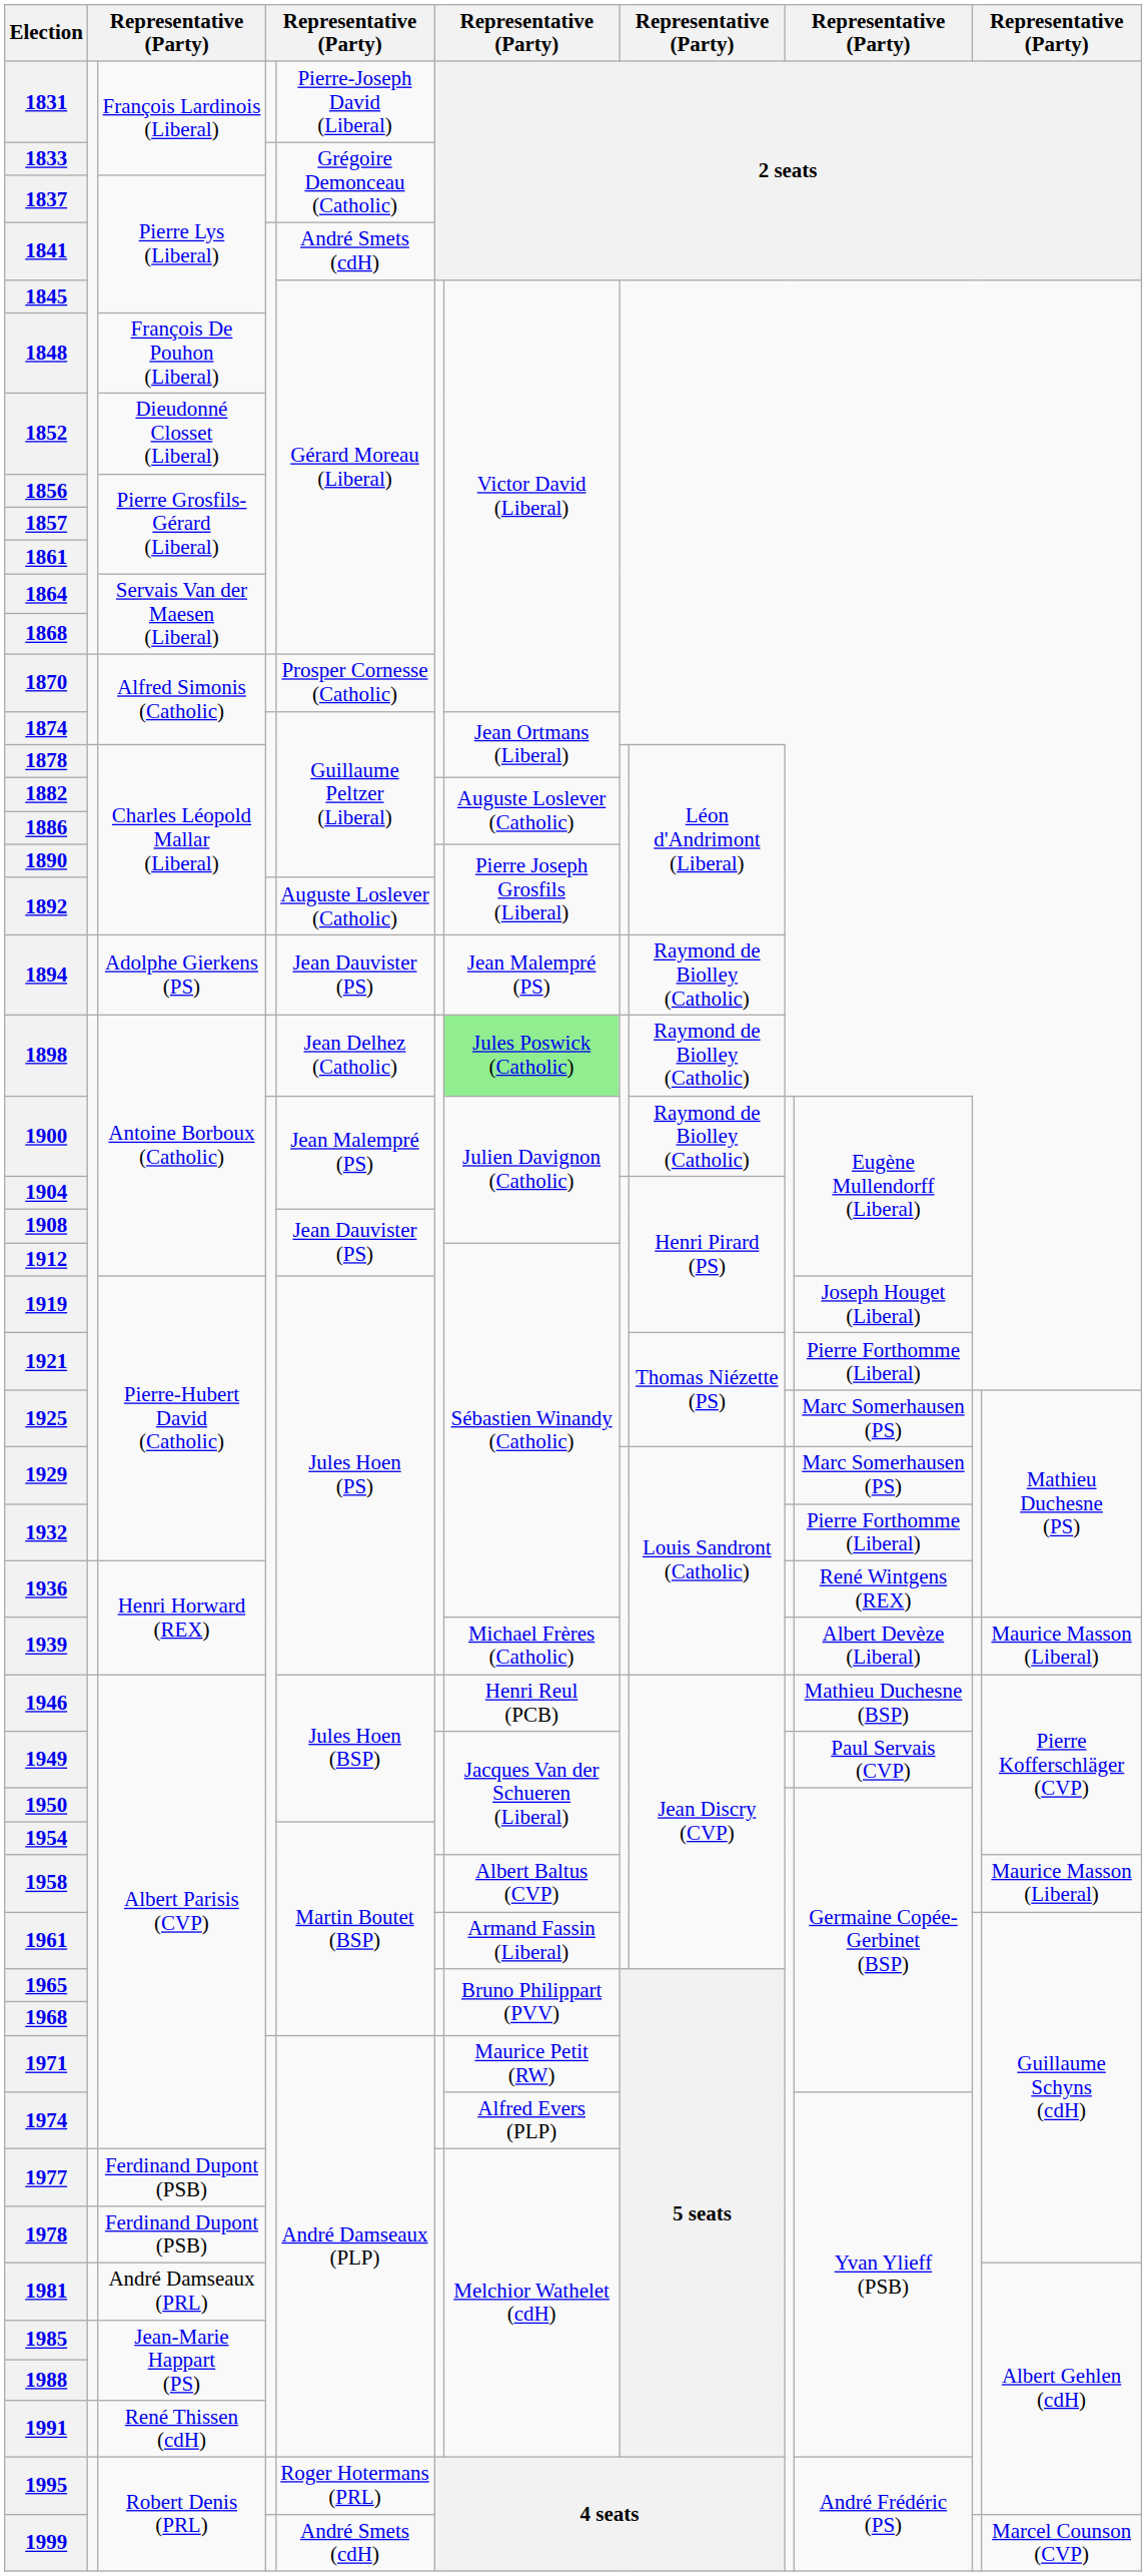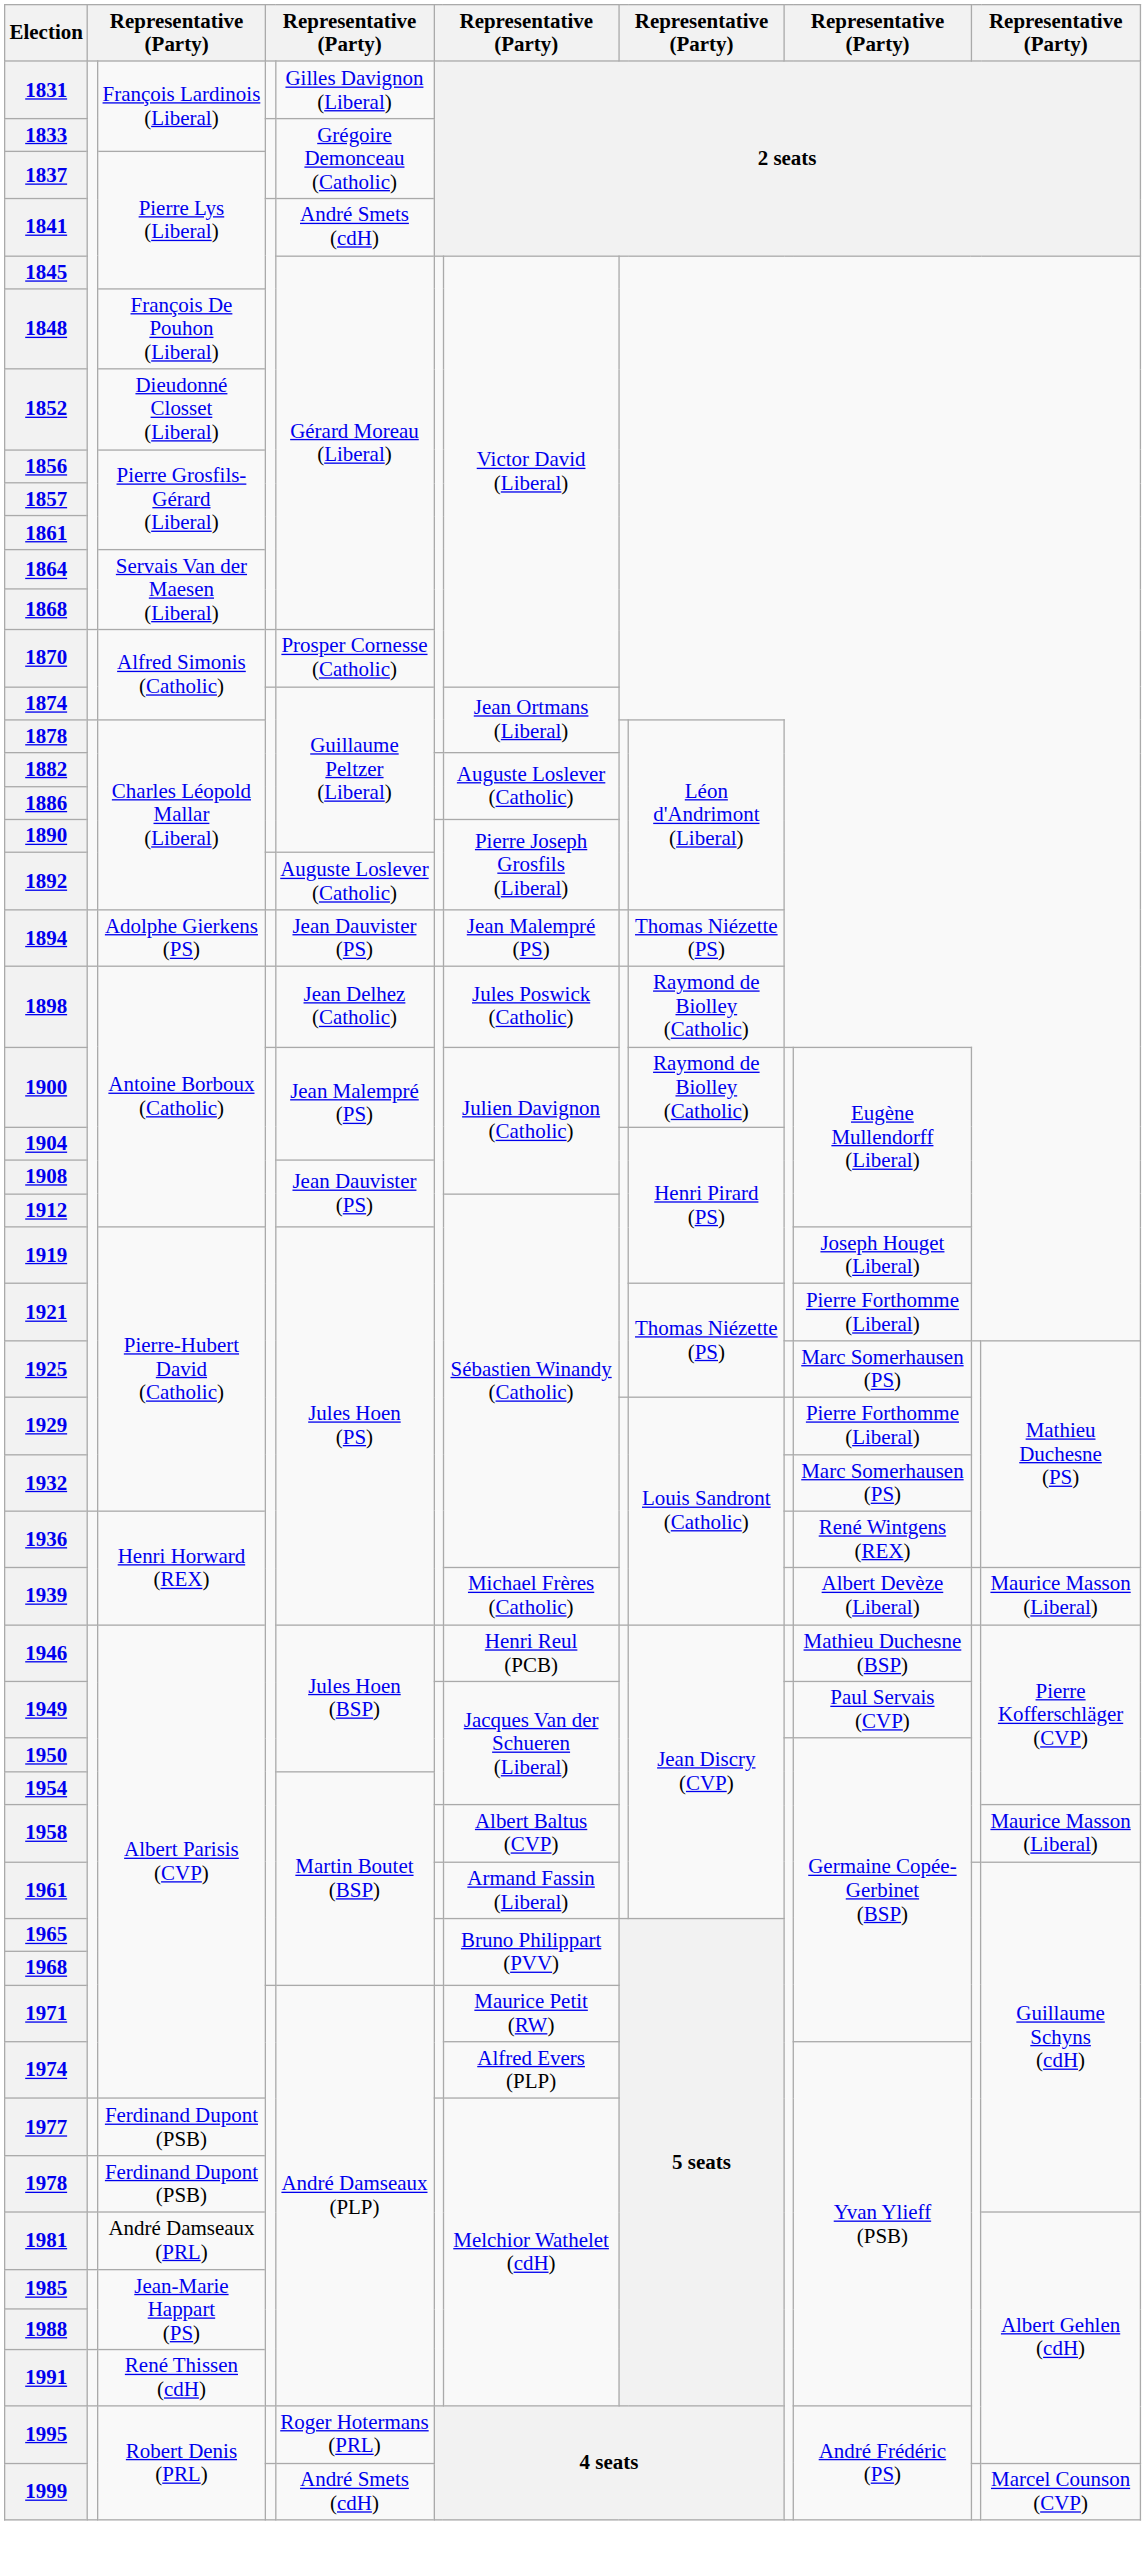 <table class="wikitable" style="text-align:center">
 <tr>
 <th>Election</th>
 <th colspan=2>Representative<br>(Party)</th>
 <th colspan=2>Representative<br>(Party)</th>
 <th colspan=2>Representative<br>(Party)</th>
 <th colspan=2>Representative<br>(Party)</th>
 <th colspan=2>Representative<br>(Party)</th>
 <th colspan=2>Representative<br>(Party)</th>
 </tr>
 <tr>
 <th><a href='#'>1831</a></th>
 <td rowspan=12; style="background-color: "></td>
 <td rowspan=2><a href='#'>François Lardinois</a><br>(<a href='#'>Liberal</a>)</td>
 <td rowspan=1; style="background-color: "></td>
-<td rowspan=1><a href='#'>Pierre-Joseph David</a><br>(<a href='#'>Liberal</a>)</td>
+<td rowspan=1><a href='#'>Gilles Davignon</a><br>(<a href='#'>Liberal</a>)</td>
 <th rowspan=4; colspan=8>2 seats</th>
 </tr>
 <tr>
 <th><a href='#'>1833</a></th>
 <td rowspan=2; style="background-color: "></td>
 <td rowspan=2><a href='#'>Grégoire Demonceau</a><br>(<a href='#'>Catholic</a>)</td>
 </tr>
 <tr>
 <th><a href='#'>1837</a></th>
 <td rowspan=3><a href='#'>Pierre Lys</a><br>(<a href='#'>Liberal</a>)</td>
 </tr>
 <tr>
 <th><a href='#'>1841</a></th>
 <td rowspan=9; style="background-color: "></td>
 <td rowspan=1><a href='#'>André Smets</a><br>(<a href='#'>cdH</a>)</td>
 </tr>
 <tr>
 <th><a href='#'>1845</a></th>
 <td rowspan=8><a href='#'>Gérard Moreau</a><br>(<a href='#'>Liberal</a>)</td>
 <td rowspan=11; style="background-color: "></td>
 <td rowspan=9><a href='#'>Victor David</a><br>(<a href='#'>Liberal</a>)</td>
 </tr>
 <tr>
 <th><a href='#'>1848</a></th>
 <td rowspan=1><a href='#'>François De Pouhon</a><br>(<a href='#'>Liberal</a>)</td>
 </tr>
 <tr>
 <th><a href='#'>1852</a></th>
 <td rowspan=1><a href='#'>Dieudonné Closset</a><br>(<a href='#'>Liberal</a>)</td>
 </tr>
 <tr>
 <th><a href='#'>1856</a></th>
 <td rowspan=3><a href='#'>Pierre Grosfils-Gérard</a><br>(<a href='#'>Liberal</a>)</td>
 </tr>
 <tr>
 <th><a href='#'>1857</a></th>
 </tr>
 <tr>
 <th><a href='#'>1861</a></th>
 </tr>
 <tr>
 <th><a href='#'>1864</a></th>
 <td rowspan=2><a href='#'>Servais Van der Maesen</a><br>(<a href='#'>Liberal</a>)</td>
 </tr>
 <tr>
 <th><a href='#'>1868</a></th>
 </tr>
 <tr>
 <th><a href='#'>1870</a></th>
 <td rowspan=2; style="background-color: "></td>
 <td rowspan=2><a href='#'>Alfred Simonis</a><br>(<a href='#'>Catholic</a>)</td>
 <td rowspan=1; style="background-color: "></td>
 <td rowspan=1><a href='#'>Prosper Cornesse</a><br>(<a href='#'>Catholic</a>)</td>
 </tr>
 <tr>
 <th><a href='#'>1874</a></th>
 <td rowspan=5; style="background-color: "></td>
 <td rowspan=5><a href='#'>Guillaume Peltzer</a><br>(<a href='#'>Liberal</a>)</td>
 <td rowspan=2><a href='#'>Jean Ortmans</a><br>(<a href='#'>Liberal</a>)</td>
 </tr>
 <tr>
 <th><a href='#'>1878</a></th>
 <td rowspan=5; style="background-color: "></td>
 <td rowspan=5><a href='#'>Charles Léopold Mallar</a><br>(<a href='#'>Liberal</a>)</td>
 <td rowspan=5; style="background-color: "></td>
 <td rowspan=5><a href='#'>Léon d'Andrimont</a><br>(<a href='#'>Liberal</a>)</td>
 </tr>
 <tr>
 <th><a href='#'>1882</a></th>
 <td rowspan=2; style="background-color: "></td>
 <td rowspan=2><a href='#'>Auguste Loslever</a><br>(<a href='#'>Catholic</a>)</td>
 </tr>
 <tr>
 <th><a href='#'>1886</a></th>
 </tr>
 <tr>
 <th><a href='#'>1890</a></th>
 <td rowspan=2; style="background-color: "></td>
 <td rowspan=2><a href='#'>Pierre Joseph Grosfils</a><br>(<a href='#'>Liberal</a>)</td>
 </tr>
 <tr>
 <th><a href='#'>1892</a></th>
 <td rowspan=1; style="background-color: "></td>
 <td rowspan=1><a href='#'>Auguste Loslever</a><br>(<a href='#'>Catholic</a>)</td>
 </tr>
 <tr>
 <th><a href='#'>1894</a></th>
 <td rowspan=1; style="background-color: "></td>
 <td rowspan=1><a href='#'>Adolphe Gierkens</a><br>(<a href='#'>PS</a>)</td>
 <td rowspan=1; style="background-color: "></td>
 <td rowspan=1><a href='#'>Jean Dauvister</a><br>(<a href='#'>PS</a>)</td>
 <td rowspan=1; style="background-color: "></td>
 <td rowspan=1><a href='#'>Jean Malempré</a><br>(<a href='#'>PS</a>)</td>
 <td rowspan=1; style="background-color: "></td>
-<td rowspan=1><a href='#'>Raymond de Biolley</a><br>(<a href='#'>Catholic</a>)</td>
+<td rowspan=1><a href='#'>Thomas Niézette</a><br>(<a href='#'>PS</a>)</td>
 </tr>
 <tr>
 <th><a href='#'>1898</a></th>
 <td rowspan=10; style="background-color: "></td>
 <td rowspan=5><a href='#'>Antoine Borboux</a><br>(<a href='#'>Catholic</a>)</td>
 <td rowspan=1; style="background-color: "></td>
 <td rowspan=1><a href='#'>Jean Delhez</a><br>(<a href='#'>Catholic</a>)</td>
 <td rowspan=12; style="background-color: "></td>
-<td rowspan=1 style="background: lightgreen;"><a href='#'>Jules Poswick</a><br>(<a href='#'>Catholic</a>)</td>
+<td rowspan=1><a href='#'>Jules Poswick</a><br>(<a href='#'>Catholic</a>)</td>
 <td rowspan=2; style="background-color: "></td>
 <td rowspan=1><a href='#'>Raymond de Biolley</a><br>(<a href='#'>Catholic</a>)</td>
 </tr>
 <tr>
 <th><a href='#'>1900</a></th>
 <td rowspan=19; style="background-color: "></td>
 <td rowspan=2><a href='#'>Jean Malempré</a><br>(<a href='#'>PS</a>)</td>
 <td rowspan=3><a href='#'>Julien Davignon</a><br>(<a href='#'>Catholic</a>)</td>
 <td rowspan=1><a href='#'>Raymond de Biolley</a><br>(<a href='#'>Catholic</a>)</td>
 <td rowspan=6; style="background-color: "></td>
 <td rowspan=4><a href='#'>Eugène Mullendorff</a><br>(<a href='#'>Liberal</a>)</td>
 </tr>
 <tr>
 <th><a href='#'>1904</a></th>
 <td rowspan=6; style="background-color: "></td>
 <td rowspan=4><a href='#'>Henri Pirard</a><br>(<a href='#'>PS</a>)</td>
 </tr>
 <tr>
 <th><a href='#'>1908</a></th>
 <td rowspan=2><a href='#'>Jean Dauvister</a><br>(<a href='#'>PS</a>)</td>
 </tr>
 <tr>
 <th><a href='#'>1912</a></th>
 <td rowspan=7><a href='#'>Sébastien Winandy</a><br>(<a href='#'>Catholic</a>)</td>
 </tr>
 <tr>
 <th><a href='#'>1919</a></th>
 <td rowspan=5><a href='#'>Pierre-Hubert David</a><br>(<a href='#'>Catholic</a>)</td>
 <td rowspan=7><a href='#'>Jules Hoen</a><br>(<a href='#'>PS</a>)</td>
 <td rowspan=1><a href='#'>Joseph Houget</a><br>(<a href='#'>Liberal</a>)</td>
 </tr>
 <tr>
 <th><a href='#'>1921</a></th>
 <td rowspan=2><a href='#'>Thomas Niézette</a><br>(<a href='#'>PS</a>)</td>
 <td rowspan=1><a href='#'>Pierre Forthomme</a><br>(<a href='#'>Liberal</a>)</td>
 </tr>
 <tr>
 <th><a href='#'>1925</a></th>
 <td rowspan=1; style="background-color: "></td>
 <td rowspan=1><a href='#'>Marc Somerhausen</a><br>(<a href='#'>PS</a>)</td>
 <td rowspan=4; style="background-color: "></td>
 <td rowspan=4><a href='#'>Mathieu Duchesne</a><br>(<a href='#'>PS</a>)</td>
 </tr>
 <tr>
 <th><a href='#'>1929</a></th>
 <td rowspan=4; style="background-color: "></td>
 <td rowspan=4><a href='#'>Louis Sandront</a><br>(<a href='#'>Catholic</a>)</td>
 <td rowspan=1; style="background-color: "></td>
-<td rowspan=1><a href='#'>Marc Somerhausen</a><br>(<a href='#'>PS</a>)</td>
+<td rowspan=1><a href='#'>Pierre Forthomme</a><br>(<a href='#'>Liberal</a>)</td>
 </tr>
 <tr>
 <th><a href='#'>1932</a></th>
 <td rowspan=1; style="background-color: "></td>
-<td rowspan=1><a href='#'>Pierre Forthomme</a><br>(<a href='#'>Liberal</a>)</td>
+<td rowspan=1><a href='#'>Marc Somerhausen</a><br>(<a href='#'>PS</a>)</td>
 </tr>
 <tr>
 <th><a href='#'>1936</a></th>
 <td rowspan=2; style="background-color: "></td>
 <td rowspan=2><a href='#'>Henri Horward</a><br>(<a href='#'>REX</a>)</td>
 <td rowspan=1; style="background-color: "></td>
 <td rowspan=1><a href='#'>René Wintgens</a><br>(<a href='#'>REX</a>)</td>
 </tr>
 <tr>
 <th><a href='#'>1939</a></th>
 <td rowspan=1><a href='#'>Michael Frères</a><br>(<a href='#'>Catholic</a>)</td>
 <td rowspan=1; style="background-color: "></td>
 <td rowspan=1><a href='#'>Albert Devèze</a><br>(<a href='#'>Liberal</a>)</td>
 <td rowspan=1; style="background-color: "></td>
 <td rowspan=1><a href='#'>Maurice Masson</a><br>(<a href='#'>Liberal</a>)</td>
 </tr>
 <tr>
 <th><a href='#'>1946</a></th>
 <td rowspan=10; style="background-color: "></td>
 <td rowspan=10><a href='#'>Albert Parisis</a><br>(<a href='#'>CVP</a>)</td>
 <td rowspan=3><a href='#'>Jules Hoen</a><br>(<a href='#'>BSP</a>)</td>
 <td rowspan=1; style="background-color: "></td>
 <td rowspan=1><a href='#'>Henri Reul</a><br>(PCB)</td>
 <td rowspan=6; style="background-color: "></td>
 <td rowspan=6><a href='#'>Jean Discry</a><br>(<a href='#'>CVP</a>)</td>
 <td rowspan=1; style="background-color: "></td>
 <td rowspan=1><a href='#'>Mathieu Duchesne</a><br>(<a href='#'>BSP</a>)</td>
 <td rowspan=5; style="background-color: "></td>
 <td rowspan=4><a href='#'>Pierre Kofferschläger</a><br>(<a href='#'>CVP</a>)</td>
 </tr>
 <tr>
 <th><a href='#'>1949</a></th>
 <td rowspan=3; style="background-color: "></td>
 <td rowspan=3><a href='#'>Jacques Van der Schueren</a><br>(<a href='#'>Liberal</a>)</td>
 <td rowspan=1; style="background-color: "></td>
 <td rowspan=1><a href='#'>Paul Servais</a><br>(<a href='#'>CVP</a>)</td>
 </tr>
 <tr>
 <th><a href='#'>1950</a></th>
 <td rowspan=16; style="background-color: "></td>
 <td rowspan=7><a href='#'>Germaine Copée-Gerbinet</a><br>(<a href='#'>BSP</a>)</td>
 </tr>
 <tr>
 <th><a href='#'>1954</a></th>
 <td rowspan=5><a href='#'>Martin Boutet</a><br>(<a href='#'>BSP</a>)</td>
 </tr>
 <tr>
 <th><a href='#'>1958</a></th>
 <td rowspan=1; style="background-color: "></td>
 <td rowspan=1><a href='#'>Albert Baltus</a><br>(<a href='#'>CVP</a>)</td>
 <td rowspan=1><a href='#'>Maurice Masson</a><br>(<a href='#'>Liberal</a>)</td>
 </tr>
 <tr>
 <th><a href='#'>1961</a></th>
 <td rowspan=1; style="background-color: "></td>
 <td rowspan=1><a href='#'>Armand Fassin</a><br>(<a href='#'>Liberal</a>)</td>
 <td rowspan=12; style="background-color: "></td>
 <td rowspan=7><a href='#'>Guillaume Schyns</a><br>(<a href='#'>cdH</a>)</td>
 </tr>
 <tr>
 <th><a href='#'>1965</a></th>
 <td rowspan=2; style="background-color: "></td>
 <td rowspan=2><a href='#'>Bruno Philippart</a><br>(<a href='#'>PVV</a>)</td>
 <th rowspan=10; colspan=2>5 seats</th>
 </tr>
 <tr>
 <th><a href='#'>1968</a></th>
 </tr>
 <tr>
 <th><a href='#'>1971</a></th>
 <td rowspan=8; style="background-color: "></td>
 <td rowspan=8><a href='#'>André Damseaux</a><br>(PLP)</td>
 <td rowspan=2; style="background-color: "></td>
 <td rowspan=1><a href='#'>Maurice Petit</a><br>(<a href='#'>RW</a>)</td>
 </tr>
 <tr>
 <th><a href='#'>1974</a></th>
 <td rowspan=1><a href='#'>Alfred Evers</a><br>(PLP)</td>
 <td rowspan=7><a href='#'>Yvan Ylieff</a><br>(PSB)</td>
 </tr>
 <tr>
 <th><a href='#'>1977</a></th>
 <td rowspan=1; style="background-color: "></td>
 <td rowspan=1><a href='#'>Ferdinand Dupont</a><br>(PSB)</td>
 <td rowspan=6; style="background-color: "></td>
 <td rowspan=6><a href='#'>Melchior Wathelet</a><br>(<a href='#'>cdH</a>)</td>
 </tr>
 <tr>
 <th><a href='#'>1978</a></th>
 <td rowspan=1; style="background-color: "></td>
 <td rowspan=1><a href='#'>Ferdinand Dupont</a><br>(PSB)</td>
 </tr>
 <tr>
 <th><a href='#'>1981</a></th>
 <td rowspan=1; style="background-color: "></td>
 <td>André Damseaux<br>(<a href='#'>PRL</a>)</td>
 <td rowspan=5><a href='#'>Albert Gehlen</a><br>(<a href='#'>cdH</a>)</td>
 </tr>
 <tr>
 <th><a href='#'>1985</a></th>
 <td rowspan=2; style="background-color: "></td>
 <td rowspan=2><a href='#'>Jean-Marie Happart</a><br>(<a href='#'>PS</a>)</td>
 </tr>
 <tr>
 <th><a href='#'>1988</a></th>
 </tr>
 <tr>
 <th><a href='#'>1991</a></th>
 <td rowspan=1; style="background-color: "></td>
 <td rowspan=1><a href='#'>René Thissen</a><br>(<a href='#'>cdH</a>)</td>
 </tr>
 <tr>
 <th><a href='#'>1995</a></th>
 <td rowspan=2; style="background-color: "></td>
 <td rowspan=2><a href='#'>Robert Denis</a><br>(<a href='#'>PRL</a>)</td>
 <td rowspan=1; style="background-color: "></td>
 <td rowspan=1><a href='#'>Roger Hotermans</a><br>(<a href='#'>PRL</a>)</td>
 <th colspan=4; rowspan=2>4 seats</th>
 <td rowspan=2><a href='#'>André Frédéric</a><br>(<a href='#'>PS</a>)</td>
 </tr>
 <tr>
 <th><a href='#'>1999</a></th>
 <td rowspan=1; style="background-color: "></td>
 <td rowspan=1><a href='#'>André Smets</a><br>(<a href='#'>cdH</a>)</td>
 <td rowspan=1; style="background-color: "></td>
 <td rowspan=1><a href='#'>Marcel Counson</a><br>(<a href='#'>CVP</a>)</td>
 </tr>
 </table>
